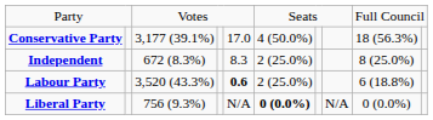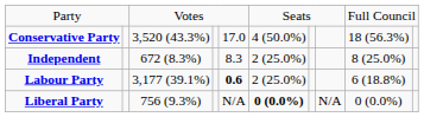 <table class=wikitable style="text-align:center;">
 <tr>
 <td colspan=2>Party</td>
 <td colspan=3>Votes</td>
 <td colspan=3>Seats</td>
 <td colspan=3>Full Council</td>
 </tr>
 <tr>
 <td><strong><a href='#'>Conservative Party</a></strong></td>
 <td style="background:"></td>
-<td>3,177 (39.1%)</td>
+<td>3,520 (43.3%)</td>
 <td></td>
 <td> 17.0</td>
 <td>4 (50.0%)</td>
 <td></td>
 <td></td>
 <td>18 (56.3%)</td>
 <td></td>
 </tr>
 <tr>
 <td><strong><a href='#'>Independent</a></strong></td>
 <td style="background:"></td>
 <td>672 (8.3%)</td>
 <td></td>
 <td> 8.3</td>
 <td>2 (25.0%)</td>
 <td></td>
 <td></td>
 <td>8 (25.0%)</td>
 <td></td>
 </tr>
 <tr>
 <td><strong><a href='#'>Labour Party</a></strong></td>
 <td style="background:"></td>
-<td>3,520 (43.3%)</td>
+<td>3,177 (39.1%)</td>
 <td></td>
 <td><strong> 0.6</strong></td>
 <td>2 (25.0%)</td>
 <td></td>
 <td></td>
 <td>6 (18.8%)</td>
 <td></td>
 </tr>
 <tr>
 <td><strong><a href='#'>Liberal Party</a></strong></td>
 <td style="background:"></td>
 <td>756 (9.3%)</td>
 <td></td>
 <td>N/A</td>
 <td><strong>0 (0.0%)</strong></td>
 <td></td>
 <td>N/A</td>
 <td>0 (0.0%)</td>
 <td></td>
 </tr>
 </table>
